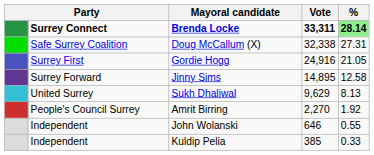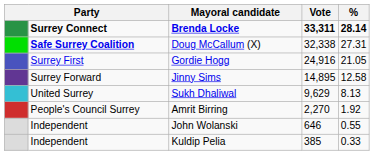 <table class="wikitable">
 <tr>
 <th width="250px" colspan="2">Party</th>
 <th width="200px">Mayoral candidate</th>
 <th width="50px">Vote</th>
 <th width="30px">%</th>
 </tr>
 <tr>
 <td style="background:#289345;" width="30px"> </td>
 <td><strong>Surrey Connect</strong></td>
 <td><strong><a href='#'>Brenda Locke</a></strong> </td>
 <td><strong>33,311</strong></td>
-<td style="background: lightgreen;"><strong>28.14</strong></td>
+<td><strong>28.14</strong></td>
 </tr>
 <tr>
 <td style="background:#01DF01;" width="30px"> </td>
-<td><a href='#'>Safe Surrey Coalition</a></td>
+<td><strong><a href='#'>Safe Surrey Coalition</a></strong></td>
 <td><a href='#'>Doug McCallum</a> (X)</td>
 <td>32,338</td>
 <td>27.31</td>
 </tr>
 <tr>
 <td style="background:#4953BE;" width="30px"> </td>
 <td><a href='#'>Surrey First</a></td>
 <td><a href='#'>Gordie Hogg</a></td>
 <td>24,916</td>
 <td>21.05</td>
 </tr>
 <tr>
 <td style="background:#613693;" width="30px"> </td>
 <td>Surrey Forward</td>
 <td><a href='#'>Jinny Sims</a></td>
 <td>14,895</td>
 <td>12.58</td>
 </tr>
 <tr>
 <td style="background:#34bfd4;" width="30px"> </td>
 <td>United Surrey</td>
 <td><a href='#'>Sukh Dhaliwal</a></td>
 <td>9,629</td>
 <td>8.13</td>
 </tr>
 <tr>
 <td style="background:#cf2e2e;" width="30px"> </td>
 <td>People's Council Surrey</td>
 <td>Amrit Birring</td>
 <td>2,270</td>
 <td>1.92</td>
 </tr>
 <tr>
 <td style="background:gainsboro" width="30px"> </td>
 <td>Independent</td>
 <td>John Wolanski</td>
 <td>646</td>
 <td>0.55</td>
 </tr>
 <tr>
 <td style="background:gainsboro" width="30px"> </td>
 <td>Independent</td>
 <td>Kuldip Pelia</td>
 <td>385</td>
 <td>0.33</td>
 </tr>
 </table>
